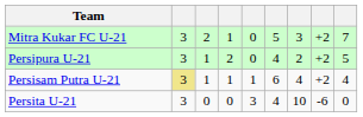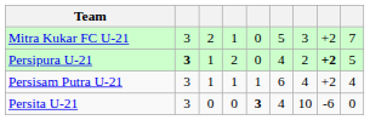 <table class="wikitable" style="text-align:center">
 <tr>
 <th width=190>Team</th>
 <th width=20></th>
 <th width=20></th>
 <th width=20></th>
 <th width=20></th>
 <th width=20></th>
 <th width=20></th>
 <th width=20></th>
 <th width=20></th>
 </tr>
 <tr style="background:#cfc;">
 <td align=left><a href='#'>Mitra Kukar FC U-21</a></td>
 <td>3</td>
 <td>2</td>
 <td>1</td>
 <td>0</td>
 <td>5</td>
 <td>3</td>
 <td>+2</td>
 <td>7</td>
 </tr>
 <tr style="background:#cfc;">
 <td align=left><a href='#'>Persipura U-21</a></td>
-<td>3</td>
+<td><strong>3</strong></td>
 <td>1</td>
 <td>2</td>
 <td>0</td>
 <td>4</td>
 <td>2</td>
-<td>+2</td>
+<td><strong>+2</strong></td>
 <td>5</td>
 </tr>
 <tr>
 <td align=left><a href='#'>Persisam Putra U-21</a></td>
-<td style="background: khaki;">3</td>
+<td>3</td>
 <td>1</td>
 <td>1</td>
 <td>1</td>
 <td>6</td>
 <td>4</td>
 <td>+2</td>
 <td>4</td>
 </tr>
 <tr>
 <td align=left><a href='#'>Persita U-21</a></td>
 <td>3</td>
 <td>0</td>
 <td>0</td>
-<td>3</td>
+<td><strong>3</strong></td>
 <td>4</td>
 <td>10</td>
 <td>-6</td>
 <td>0</td>
 </tr>
 </table>
